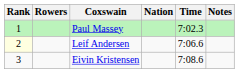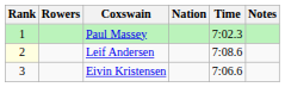 <table class="wikitable sortable" style="text-align:center">
 <tr>
 <th>Rank</th>
 <th>Rowers</th>
 <th>Coxswain</th>
 <th>Nation</th>
 <th>Time</th>
 <th>Notes</th>
 </tr>
 <tr bgcolor=bbf3bb>
 <td>1</td>
 <td align=left></td>
 <td align=left><a href='#'>Paul Massey</a></td>
 <td align=left></td>
 <td>7:02.3</td>
 <td></td>
 </tr>
 <tr>
 <td style="background: lightyellow;">2</td>
 <td align=left></td>
 <td align=left><a href='#'>Leif Andersen</a></td>
 <td align=left></td>
-<td>7:06.6</td>
+<td>7:08.6</td>
 <td></td>
 </tr>
 <tr>
 <td>3</td>
 <td align=left></td>
 <td align=left><a href='#'>Eivin Kristensen</a></td>
 <td align=left></td>
-<td>7:08.6</td>
+<td>7:06.6</td>
 <td></td>
 </tr>
 </table>
